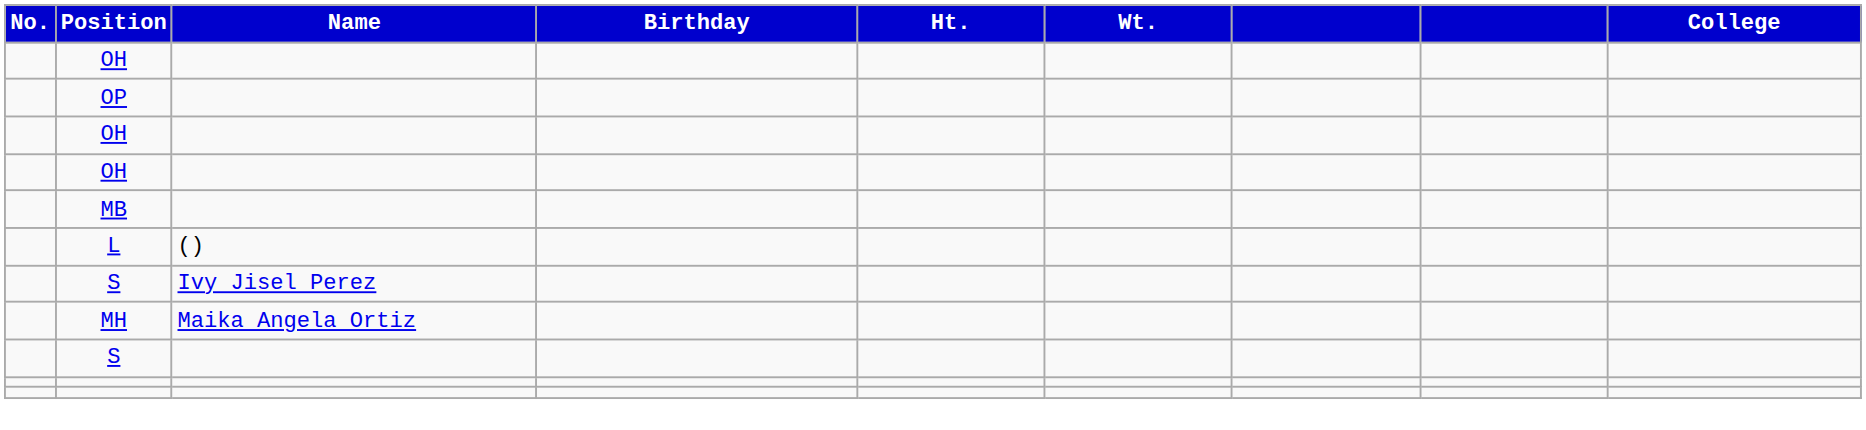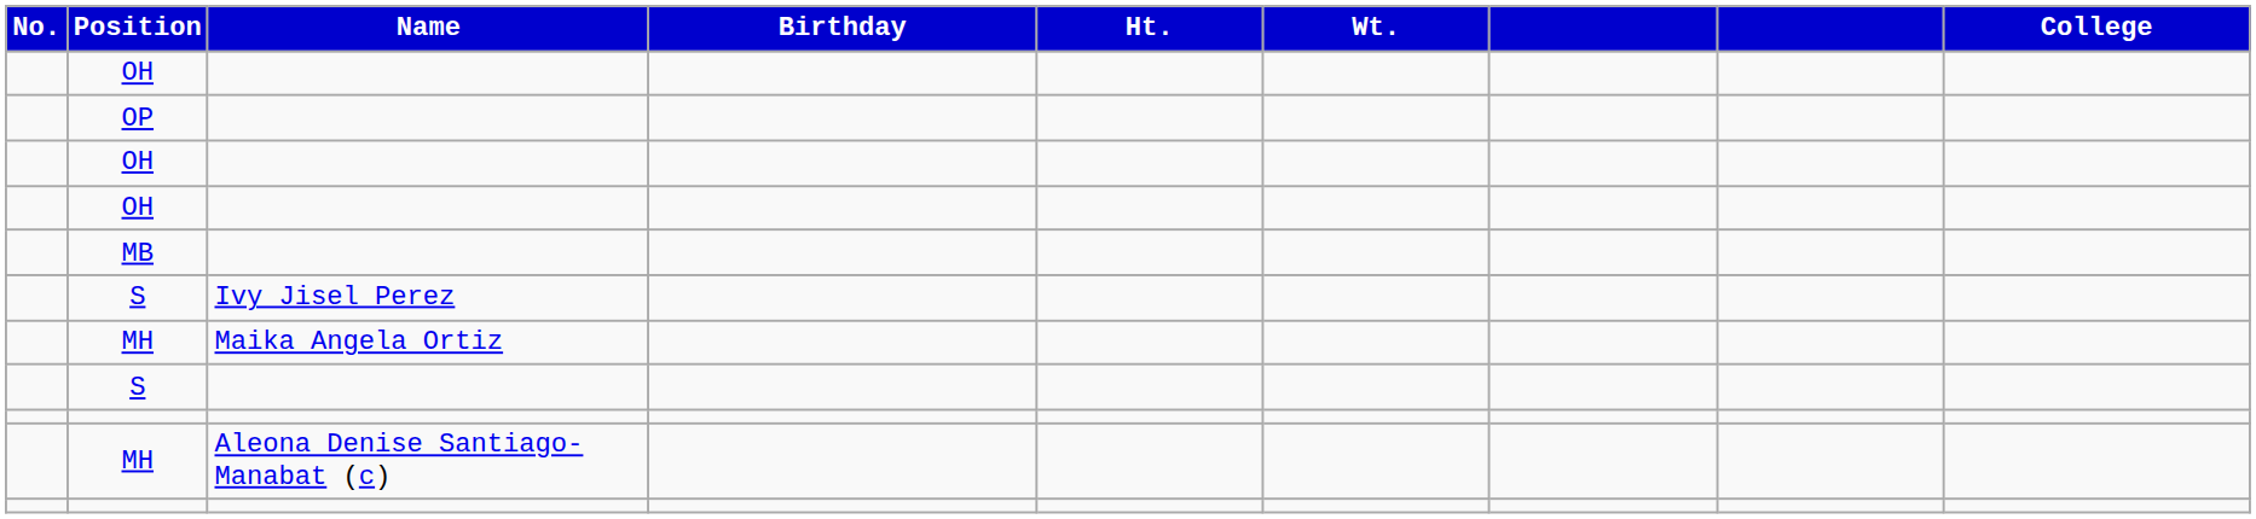 <table class="wikitable sortable" style="font-size:90%; text-align:center;">
 <tr>
 <th style="background:#0000CD; color:white; text-align: center"><strong>No.</strong></th>
 <th style="background:#0000CD; color:white; text-align: center"><strong>Position</strong></th>
 <th style="width:16em; background:#0000CD; color:white;">Name</th>
 <th style="width:14em; background:#0000CD; color:white;">Birthday</th>
 <th style="width:8em; background:#0000CD; color:white;">Ht.</th>
 <th style="width:8em; background:#0000CD; color:white;">Wt.</th>
 <th style="width:8em; background:#0000CD; color:white;"></th>
 <th style="width:8em; background:#0000CD; color:white;"></th>
 <th style="width:11em; background:#0000CD; color:white;">College</th>
 </tr>
 <tr>
 <td></td>
 <td><a href='#'>OH</a></td>
 <td align=left></td>
 <td align=right></td>
 <td></td>
 <td></td>
 <td></td>
 <td></td>
 <td align=left> </td>
 </tr>
 <tr>
 <td></td>
 <td><a href='#'>OP</a></td>
 <td align=left></td>
 <td align=right></td>
 <td></td>
 <td></td>
 <td></td>
 <td></td>
 <td align=left> </td>
 </tr>
 <tr>
 <td></td>
 <td><a href='#'>OH</a></td>
 <td align=left></td>
 <td align=right></td>
 <td></td>
 <td></td>
 <td></td>
 <td></td>
 <td align=left> </td>
 </tr>
 <tr>
 <td></td>
 <td><a href='#'>OH</a></td>
 <td align=left></td>
 <td align=right></td>
 <td></td>
 <td></td>
 <td></td>
 <td></td>
 <td align=left> </td>
 </tr>
 <tr>
 <td></td>
 <td><a href='#'>MB</a></td>
 <td align=left></td>
 <td align=right></td>
 <td></td>
 <td></td>
 <td></td>
 <td></td>
 <td align=left> </td>
 </tr>
 <tr>
 <td></td>
-<td><a href='#'>L</a></td>
-<td align=left> ()</td>
-<td align=right></td>
-<td></td>
-<td></td>
-<td></td>
-<td></td>
-<td align=left> </td>
-</tr>
-<tr>
-<td></td>
 <td><a href='#'>S</a></td>
 <td align=left><a href='#'>Ivy Jisel Perez</a></td>
 <td align=right></td>
 <td></td>
 <td></td>
 <td></td>
 <td></td>
 <td align=left> </td>
 </tr>
 <tr>
 <td></td>
 <td><a href='#'>MH</a></td>
 <td align=left><a href='#'>Maika Angela Ortiz</a></td>
 <td align=right></td>
 <td></td>
 <td></td>
 <td></td>
 <td></td>
 <td align=left> </td>
 </tr>
 <tr>
 <td></td>
 <td><a href='#'>S</a></td>
 <td align=left></td>
 <td align=right></td>
 <td></td>
 <td></td>
 <td></td>
 <td></td>
 <td align=left> </td>
 </tr>
 <tr>
 <td></td>
 <td></td>
 <td align=left></td>
 <td align=right></td>
 <td></td>
 <td></td>
 <td></td>
 <td></td>
 <td align=left> </td>
 </tr>
 <tr>
 <td></td>
+<td><a href='#'>MH</a></td>
+<td align=left><a href='#'>Aleona Denise Santiago-Manabat</a> (<a href='#'>c</a>)</td>
+<td align=right></td>
+<td></td>
+<td></td>
+<td></td>
+<td></td>
+<td align=left> </td>
+</tr>
+<tr>
+<td></td>
 <td></td>
 <td align=left></td>
 <td align=right></td>
 <td></td>
 <td></td>
 <td></td>
 <td></td>
 <td align=left> </td>
 </tr>
 </table>
